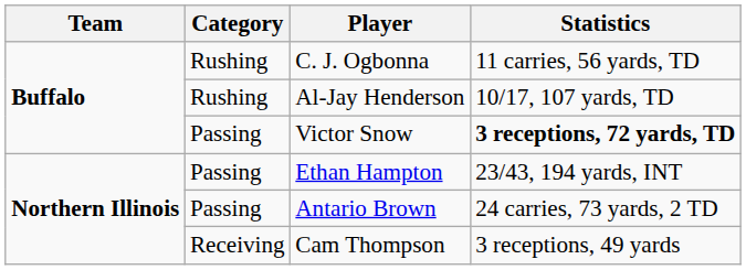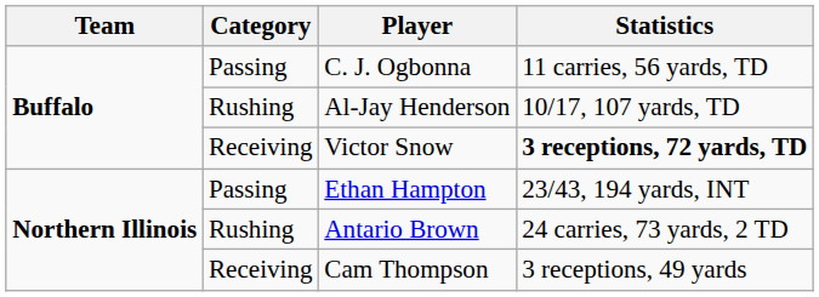 <table class="wikitable" style="float: right;">
 <tr>
 <th>Team</th>
 <th>Category</th>
 <th>Player</th>
 <th>Statistics</th>
 </tr>
 <tr>
 <td rowspan=3><strong>Buffalo</strong></td>
-<td>Rushing</td>
+<td>Passing</td>
 <td>C. J. Ogbonna</td>
 <td>11 carries, 56 yards, TD</td>
 </tr>
 <tr>
 <td>Rushing</td>
 <td>Al-Jay Henderson</td>
 <td>10/17, 107 yards, TD</td>
 </tr>
 <tr>
-<td>Passing</td>
+<td>Receiving</td>
 <td>Victor Snow</td>
 <td><strong>3 receptions, 72 yards, TD</strong></td>
 </tr>
 <tr>
 <td rowspan=3><strong>Northern Illinois</strong></td>
 <td>Passing</td>
 <td><a href='#'>Ethan Hampton</a></td>
 <td>23/43, 194 yards, INT</td>
 </tr>
 <tr>
-<td>Passing</td>
+<td>Rushing</td>
 <td><a href='#'>Antario Brown</a></td>
 <td>24 carries, 73 yards, 2 TD</td>
 </tr>
 <tr>
 <td>Receiving</td>
 <td>Cam Thompson</td>
 <td>3 receptions, 49 yards</td>
 </tr>
 </table>
